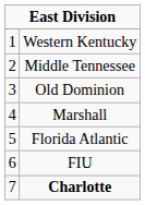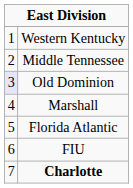 <table class="wikitable">
 <tr align="center">
 <td align="center" Colspan="3"><strong>East Division</strong></td>
 </tr>
 <tr align="center">
 </tr>
 <tr align="center">
 <td>1</td>
 <td>Western Kentucky</td>
 </tr>
 <tr align="center">
 <td>2</td>
 <td>Middle Tennessee</td>
 </tr>
 <tr align="center">
-<td>3</td>
+<td style="background: lavender;">3</td>
 <td>Old Dominion</td>
 </tr>
 <tr align="center">
 <td>4</td>
 <td>Marshall</td>
 </tr>
 <tr align="center">
 <td>5</td>
 <td>Florida Atlantic</td>
 </tr>
 <tr align="center">
 <td>6</td>
 <td>FIU</td>
 </tr>
 <tr align="center">
 <td>7</td>
 <td><strong>Charlotte</strong></td>
 </tr>
 </table>
